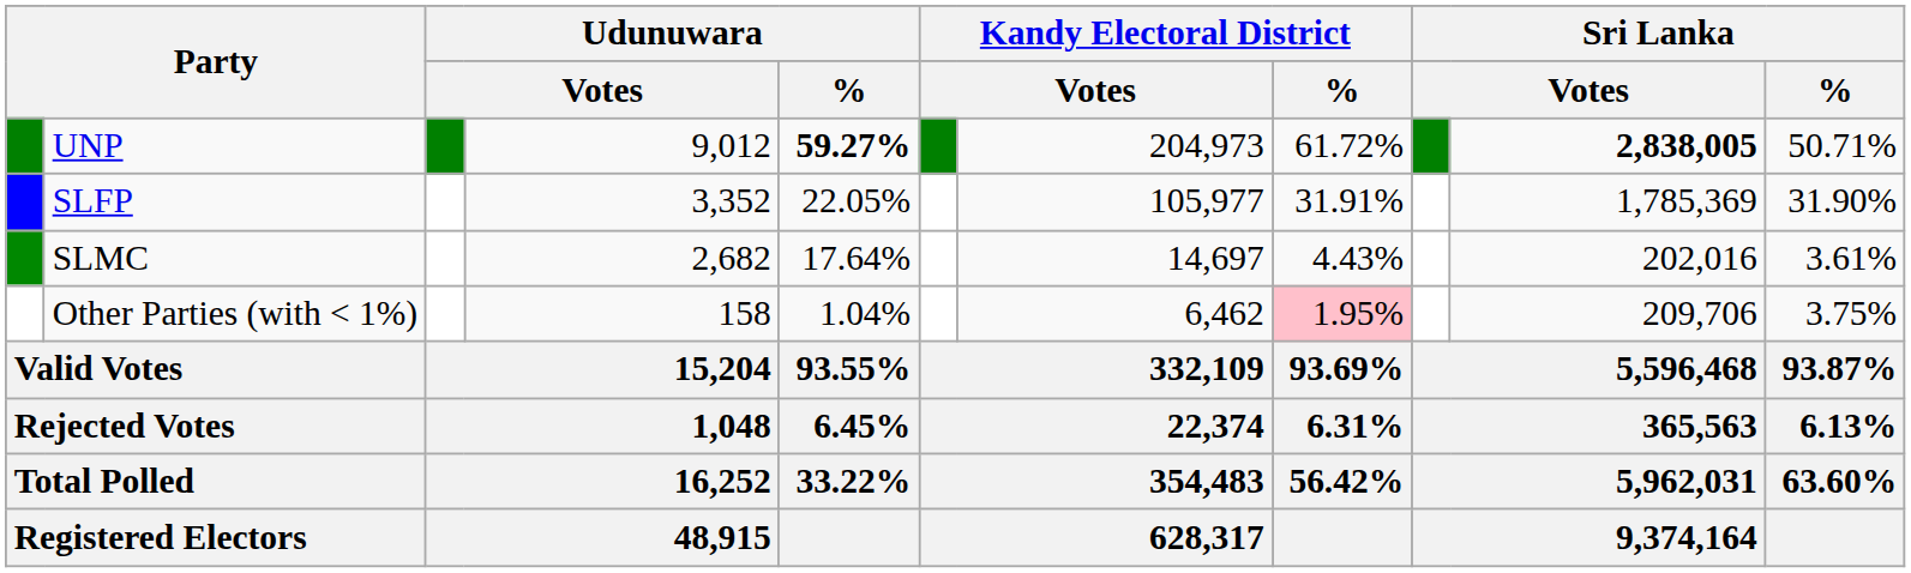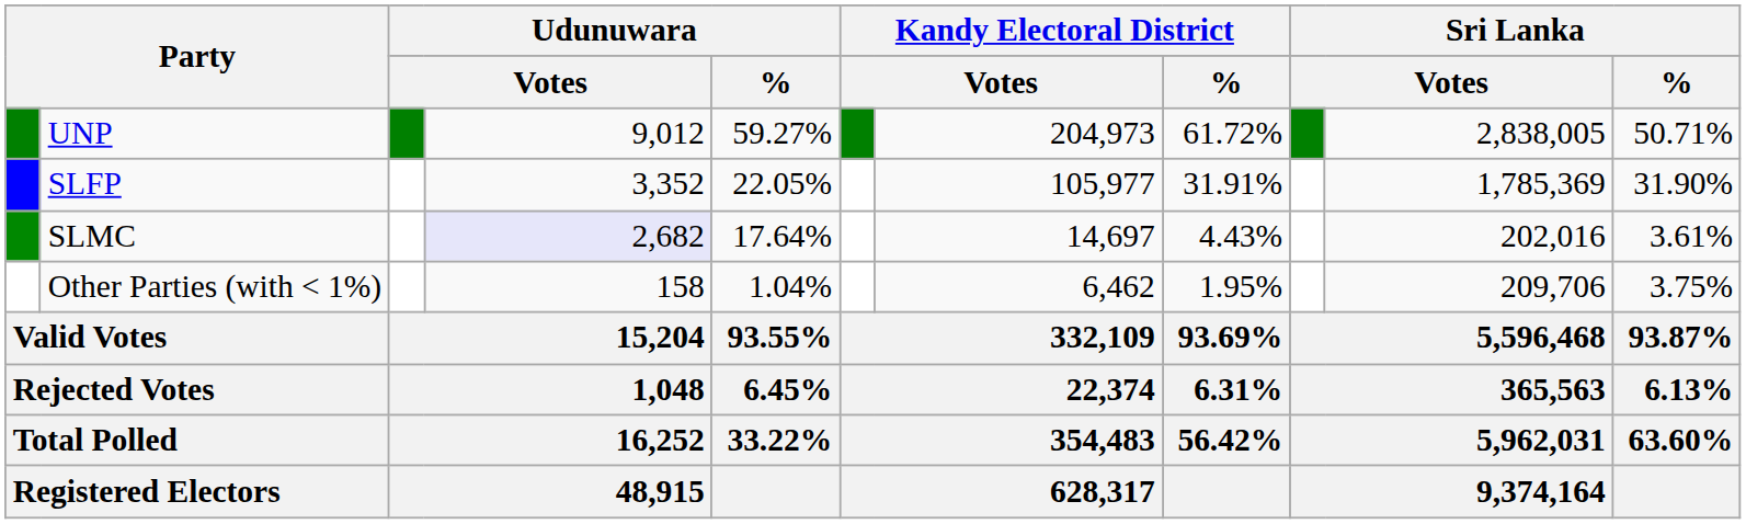 <table class="wikitable">
 <tr>
 <th colspan="2" width="144px"rowspan="2">Party</th>
 <th colspan="3" width="216px">Udunuwara</th>
 <th colspan="3" width="216px"><a href='#'>Kandy Electoral District</a></th>
 <th colspan="3" width="216px">Sri Lanka</th>
 </tr>
 <tr>
 <th colspan="2" width="144px">Votes</th>
 <th>%</th>
 <th colspan="2" width="144px">Votes</th>
 <th>%</th>
 <th colspan="2" width="144px">Votes</th>
 <th>%</th>
 </tr>
 <tr>
 <td style="background-color:green;" width="10px"></td>
 <td style="text-align:left;"><a href='#'>UNP</a></td>
 <td style="background-color:green;" width="10px"></td>
 <td style="text-align:right;">9,012</td>
-<td style="text-align:right;"><strong>59.27%</strong></td>
+<td style="text-align:right;">59.27%</td>
 <td style="background-color:green;" width="10px"></td>
 <td style="text-align:right;">204,973</td>
 <td style="text-align:right;">61.72%</td>
 <td style="background-color:green;" width="10px"></td>
-<td style="text-align:right;"><strong>2,838,005</strong></td>
+<td style="text-align:right;">2,838,005</td>
 <td style="text-align:right;">50.71%</td>
 </tr>
 <tr>
 <td style="background-color:blue;" width="10px"></td>
 <td style="text-align:left;"><a href='#'>SLFP</a></td>
 <td style="background-color:white;" width="10px"></td>
 <td style="text-align:right;">3,352</td>
 <td style="text-align:right;">22.05%</td>
 <td style="background-color:white;" width="10px"></td>
 <td style="text-align:right;">105,977</td>
 <td style="text-align:right;">31.91%</td>
 <td style="background-color:white;" width="10px"></td>
 <td style="text-align:right;">1,785,369</td>
 <td style="text-align:right;">31.90%</td>
 </tr>
 <tr>
 <td style="background-color:#008800;" width="10px"></td>
 <td style="text-align:left;">SLMC</td>
 <td style="background-color:white;" width="10px"></td>
-<td style="text-align:right;">2,682</td>
+<td style="background: lavender; text-align:right;">2,682</td>
 <td style="text-align:right;">17.64%</td>
 <td style="background-color:white;" width="10px"></td>
 <td style="text-align:right;">14,697</td>
 <td style="text-align:right;">4.43%</td>
 <td style="background-color:white;" width="10px"></td>
 <td style="text-align:right;">202,016</td>
 <td style="text-align:right;">3.61%</td>
 </tr>
 <tr>
 <td style="background-color:white;" width="10px"></td>
 <td style="text-align:left;">Other Parties (with < 1%)</td>
 <td style="background-color:white;" width="10px"></td>
 <td style="text-align:right;">158</td>
 <td style="text-align:right;">1.04%</td>
 <td style="background-color:white;" width="10px"></td>
 <td style="text-align:right;">6,462</td>
-<td style="background: pink; text-align:right;">1.95%</td>
+<td style="text-align:right;">1.95%</td>
 <td style="background-color:white;" width="10px"></td>
 <td style="text-align:right;">209,706</td>
 <td style="text-align:right;">3.75%</td>
 </tr>
 <tr>
 <th colspan="2" width="144px"style="text-align:left;">Valid Votes</th>
 <th style="text-align:right;"colspan="2" width="144px">15,204</th>
 <th style="text-align:right;">93.55%</th>
 <th style="text-align:right;"colspan="2" width="144px">332,109</th>
 <th style="text-align:right;">93.69%</th>
 <th style="text-align:right;"colspan="2" width="144px">5,596,468</th>
 <th style="text-align:right;">93.87%</th>
 </tr>
 <tr>
 <th colspan="2" width="144px"style="text-align:left;">Rejected Votes</th>
 <th style="text-align:right;"colspan="2" width="144px">1,048</th>
 <th style="text-align:right;">6.45%</th>
 <th style="text-align:right;"colspan="2" width="144px">22,374</th>
 <th style="text-align:right;">6.31%</th>
 <th style="text-align:right;"colspan="2" width="144px">365,563</th>
 <th style="text-align:right;">6.13%</th>
 </tr>
 <tr>
 <th colspan="2" width="144px"style="text-align:left;">Total Polled</th>
 <th style="text-align:right;"colspan="2" width="144px">16,252</th>
 <th style="text-align:right;">33.22%</th>
 <th style="text-align:right;"colspan="2" width="144px">354,483</th>
 <th style="text-align:right;">56.42%</th>
 <th style="text-align:right;"colspan="2" width="144px">5,962,031</th>
 <th style="text-align:right;">63.60%</th>
 </tr>
 <tr>
 <th colspan="2" width="144px"style="text-align:left;">Registered Electors</th>
 <th style="text-align:right;"colspan="2" width="144px">48,915</th>
 <th></th>
 <th style="text-align:right;"colspan="2" width="144px">628,317</th>
 <th></th>
 <th style="text-align:right;"colspan="2" width="144px">9,374,164</th>
 <th></th>
 </tr>
 </table>
